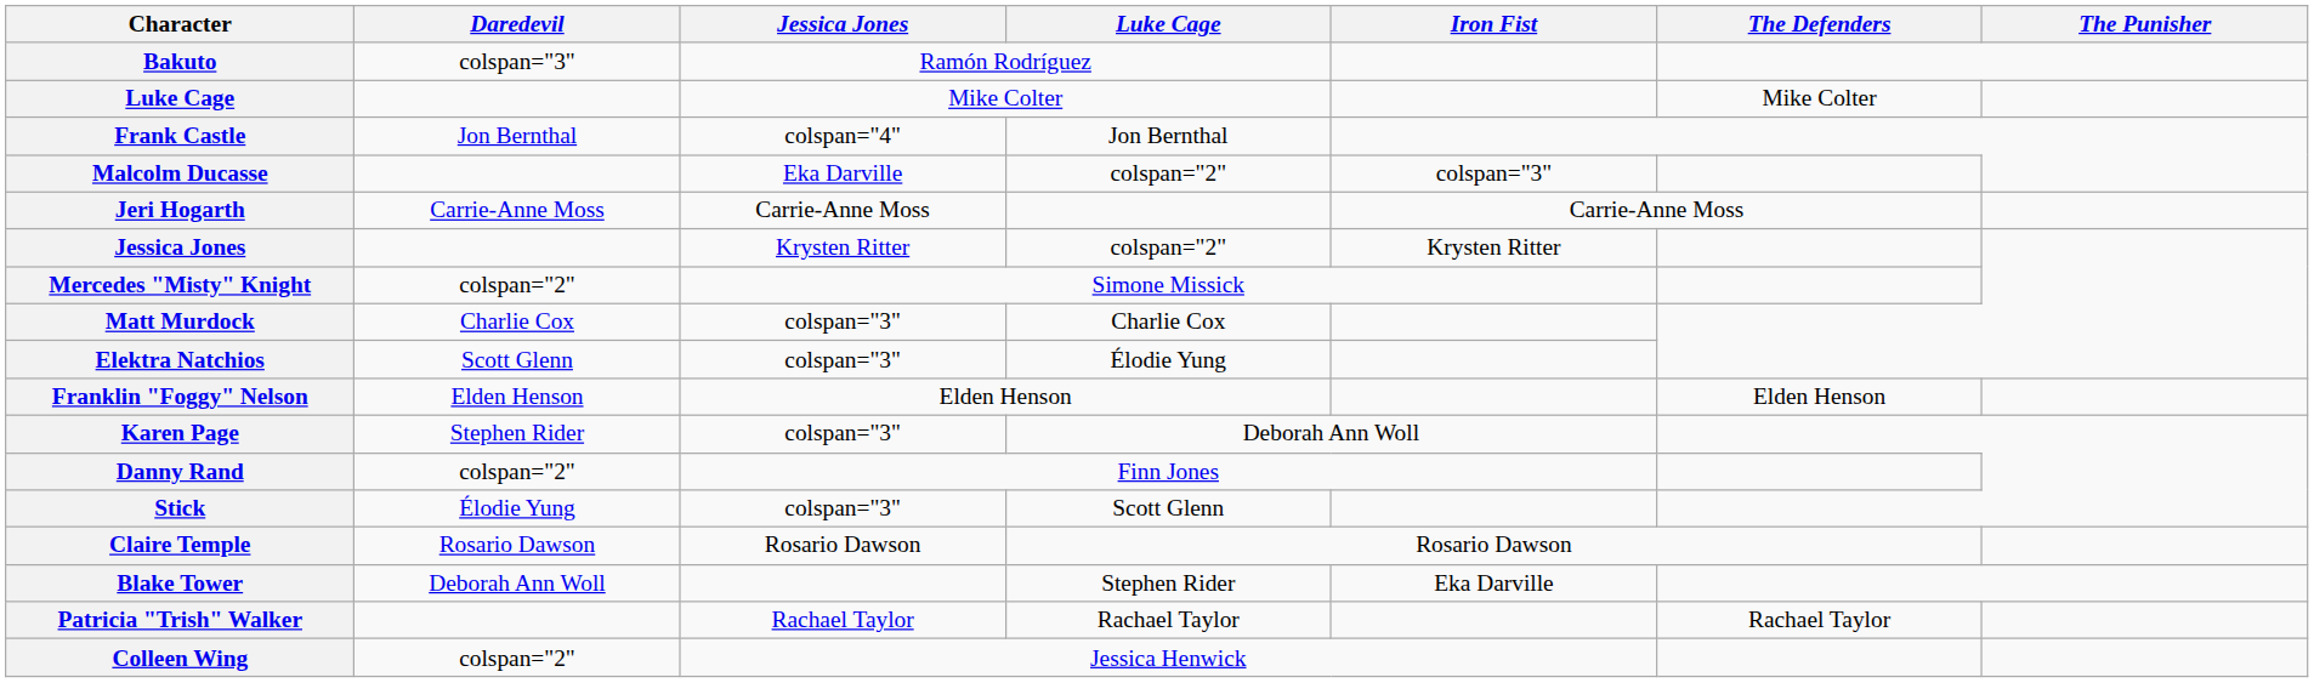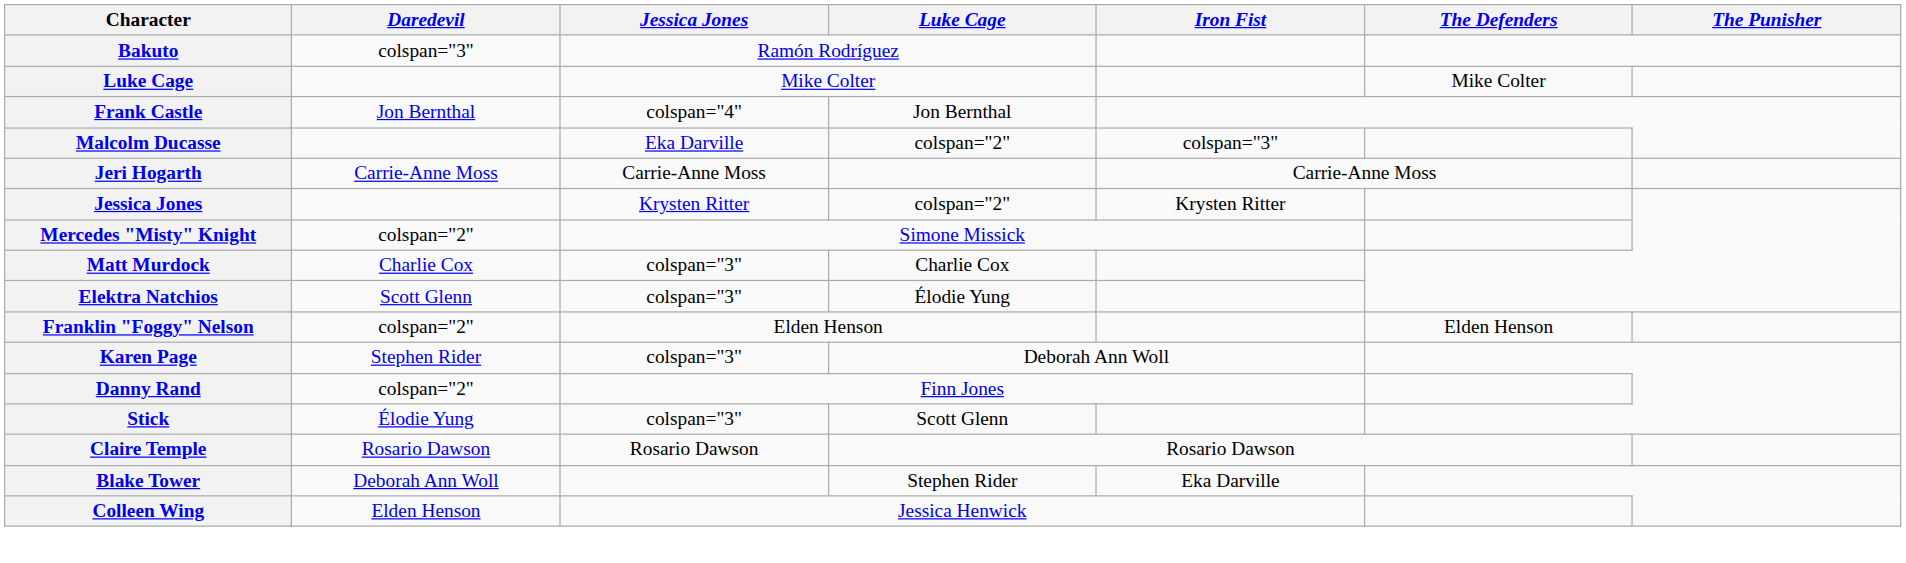 <table class="wikitable" style="text-align: center; width: 99%;">
 <tr>
 <th scope="col" style="width: 15%;">Character</th>
 <th scope="col" style="width: 14%;"><em><a href='#'>Daredevil</a></em></th>
 <th scope="col" style="width: 14%;"><em><a href='#'>Jessica Jones</a></em></th>
 <th scope="col" style="width: 14%;"><em><a href='#'>Luke Cage</a></em></th>
 <th scope="col" style="width: 14%;"><em><a href='#'>Iron Fist</a></em></th>
 <th scope="col" style="width: 14%;"><em><a href='#'>The Defenders</a></em></th>
 <th scope="col" style="width: 14%;"><em><a href='#'>The Punisher</a></em></th>
 </tr>
 <tr>
 <th scope="row"><a href='#'>Bakuto</a></th>
 <td>colspan="3" </td>
 <td colspan="2"><a href='#'>Ramón Rodríguez</a></td>
 <td></td>
 </tr>
 <tr>
 <th scope="row"><a href='#'>Luke Cage</a></th>
 <td></td>
 <td colspan="2"><a href='#'>Mike Colter</a></td>
 <td></td>
 <td>Mike Colter</td>
 <td></td>
 </tr>
 <tr>
 <th scope="row"><a href='#'>Frank Castle<br></a> </th>
 <td><a href='#'>Jon Bernthal</a></td>
 <td>colspan="4" </td>
 <td>Jon Bernthal</td>
 </tr>
 <tr>
 <th scope="row"><a href='#'>Malcolm Ducasse</a></th>
 <td></td>
 <td><a href='#'>Eka Darville</a></td>
 <td>colspan="2" </td>
 <td>colspan="3" </td>
 <td></td>
 </tr>
 <tr>
 <th scope="row"><a href='#'>Jeri Hogarth</a></th>
 <td><a href='#'>Carrie-Anne Moss</a></td>
 <td>Carrie-Anne Moss</td>
 <td></td>
 <td colspan="2">Carrie-Anne Moss</td>
 <td></td>
 </tr>
 <tr>
 <th scope="row"><a href='#'>Jessica Jones</a></th>
 <td></td>
 <td><a href='#'>Krysten Ritter</a></td>
 <td>colspan="2" </td>
 <td>Krysten Ritter</td>
 <td></td>
 </tr>
 <tr>
 <th scope="row"><a href='#'>Mercedes "Misty" Knight</a></th>
 <td>colspan="2" </td>
 <td colspan="3"><a href='#'>Simone Missick</a></td>
 <td></td>
 </tr>
 <tr>
 <th scope="row"><a href='#'>Matt Murdock<br></a> </th>
 <td><a href='#'>Charlie Cox</a></td>
 <td>colspan="3" </td>
 <td>Charlie Cox</td>
 <td></td>
 </tr>
 <tr>
 <th scope="row"><a href='#'>Elektra Natchios</a></th>
 <td><a href='#'>Scott Glenn</a></td>
 <td>colspan="3" </td>
 <td>Élodie Yung</td>
 <td></td>
 </tr>
 <tr>
 <th scope="row"><a href='#'>Franklin "Foggy" Nelson</a></th>
-<td><a href='#'>Elden Henson</a></td>
+<td>colspan="2" </td>
 <td colspan="2">Elden Henson</td>
 <td></td>
 <td>Elden Henson</td>
 <td></td>
 </tr>
 <tr>
 <th scope="row"><a href='#'>Karen Page</a></th>
 <td><a href='#'>Stephen Rider</a></td>
 <td>colspan="3" </td>
 <td colspan="2">Deborah Ann Woll</td>
 </tr>
 <tr>
 <th scope="row"><a href='#'>Danny Rand<br></a></th>
 <td>colspan="2" </td>
 <td colspan="3"><a href='#'>Finn Jones</a></td>
 <td></td>
 </tr>
 <tr>
 <th scope="row"><a href='#'>Stick</a></th>
 <td><a href='#'>Élodie Yung</a></td>
 <td>colspan="3" </td>
 <td>Scott Glenn</td>
 <td></td>
 </tr>
 <tr>
 <th scope="row"><a href='#'>Claire Temple</a></th>
 <td><a href='#'>Rosario Dawson</a></td>
 <td>Rosario Dawson</td>
 <td colspan="3">Rosario Dawson</td>
 <td></td>
 </tr>
 <tr>
 <th scope="row"><a href='#'>Blake Tower</a></th>
 <td><a href='#'>Deborah Ann Woll</a></td>
 <td></td>
 <td>Stephen Rider</td>
 <td>Eka Darville</td>
 </tr>
 <tr>
-<th scope="row"><a href='#'>Patricia "Trish" Walker<br></a></th>
-<td></td>
-<td><a href='#'>Rachael Taylor</a></td>
-<td>Rachael Taylor</td>
-<td></td>
-<td>Rachael Taylor</td>
-<td></td>
-</tr>
-<tr>
 <th scope="row"><a href='#'>Colleen Wing</a></th>
-<td>colspan="2" </td>
+<td><a href='#'>Elden Henson</a></td>
 <td colspan="3"><a href='#'>Jessica Henwick</a></td>
 <td></td>
 </tr>
 </table>
